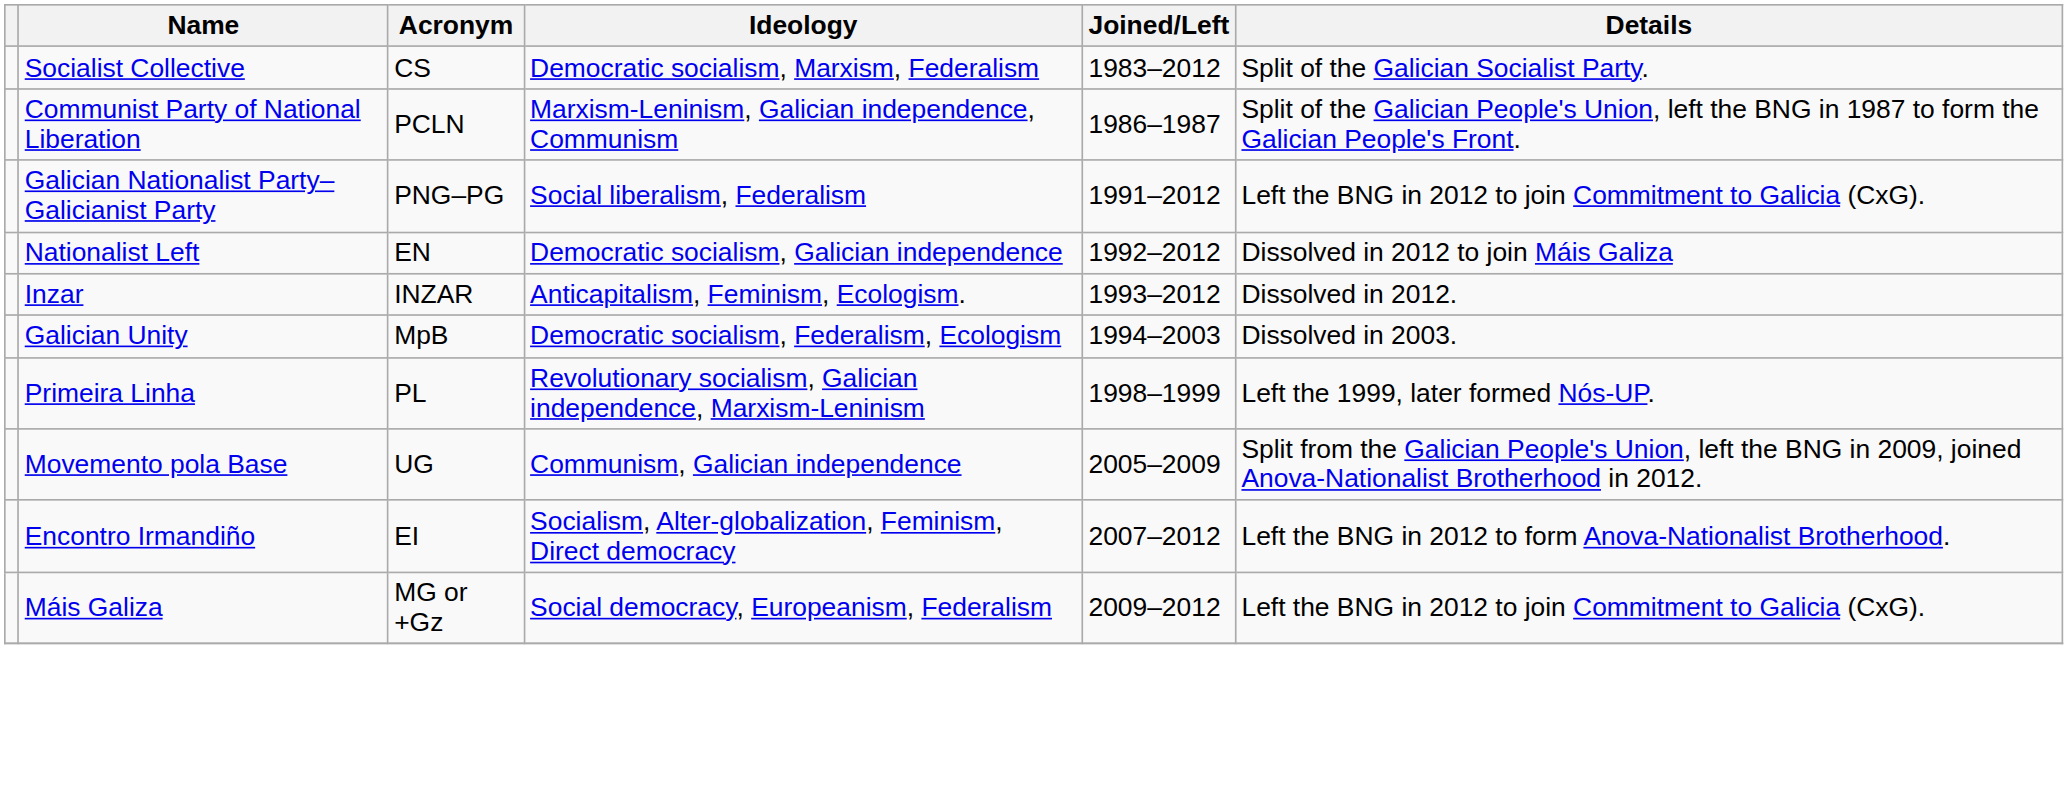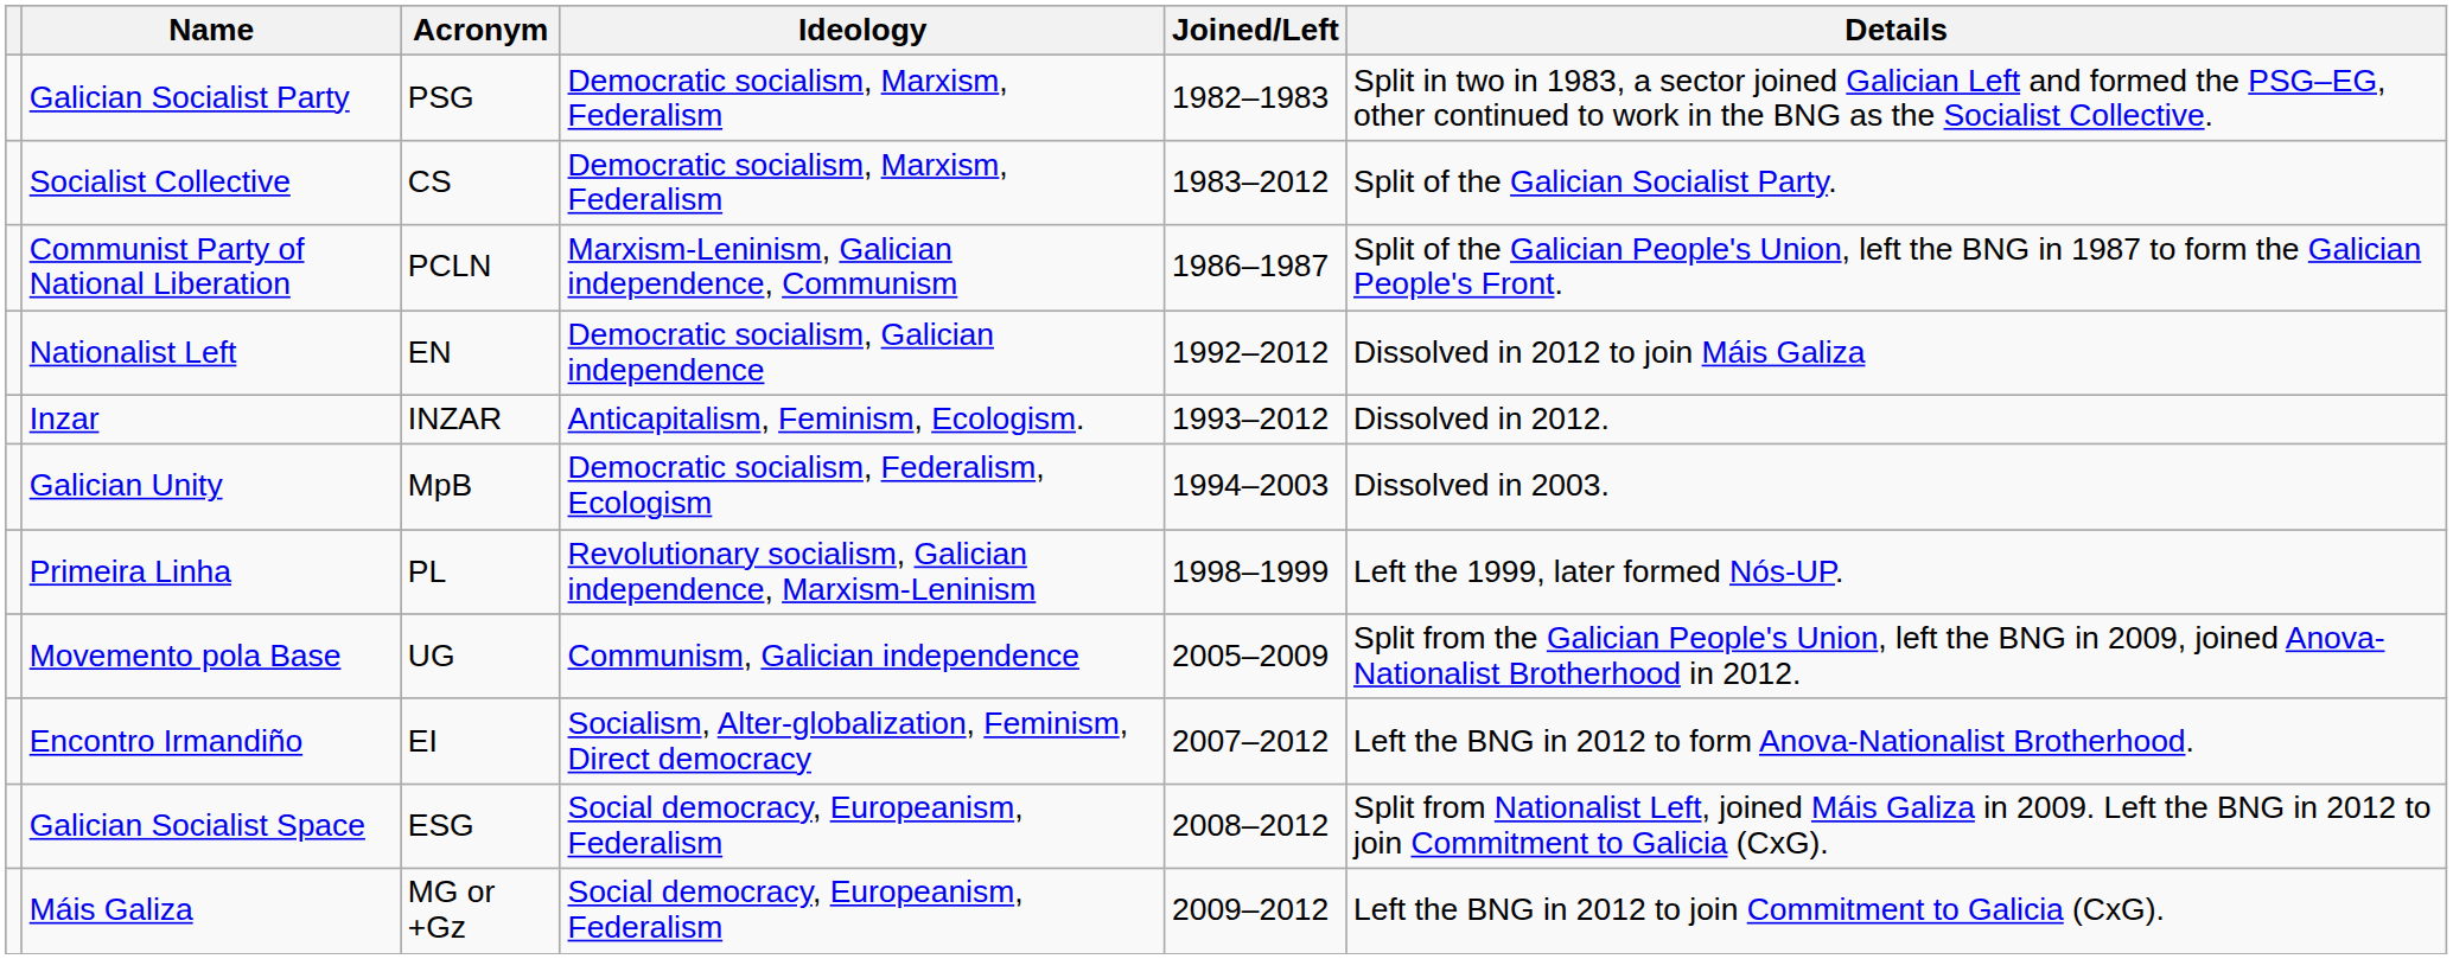 <table class="wikitable sortable">
 <tr>
 <th class="unsortable" width="1px"></th>
 <th>Name</th>
 <th>Acronym</th>
 <th>Ideology</th>
 <th>Joined/Left</th>
 <th>Details</th>
+</tr>
+<tr>
+<td></td>
+<td><a href='#'>Galician Socialist Party</a></td>
+<td>PSG</td>
+<td><a href='#'>Democratic socialism</a>, <a href='#'>Marxism</a>, <a href='#'>Federalism</a></td>
+<td>1982–1983</td>
+<td>Split in two in 1983, a sector joined <a href='#'>Galician Left</a> and formed the <a href='#'>PSG–EG</a>, other continued to work in the BNG as the <a href='#'>Socialist Collective</a>.</td>
 </tr>
 <tr>
 <td></td>
 <td><a href='#'>Socialist Collective</a></td>
 <td>CS</td>
 <td><a href='#'>Democratic socialism</a>, <a href='#'>Marxism</a>, <a href='#'>Federalism</a></td>
 <td>1983–2012</td>
 <td>Split of the <a href='#'>Galician Socialist Party</a>.</td>
 </tr>
 <tr>
 <td></td>
 <td><a href='#'>Communist Party of National Liberation</a></td>
 <td>PCLN</td>
 <td><a href='#'>Marxism-Leninism</a>, <a href='#'>Galician independence</a>, <a href='#'>Communism</a></td>
 <td>1986–1987</td>
 <td>Split of the <a href='#'>Galician People's Union</a>, left the BNG in 1987 to form the <a href='#'>Galician People's Front</a>.</td>
-</tr>
-<tr>
-<td></td>
-<td><a href='#'>Galician Nationalist Party–Galicianist Party</a></td>
-<td>PNG–PG</td>
-<td><a href='#'>Social liberalism</a>, <a href='#'>Federalism</a></td>
-<td>1991–2012</td>
-<td>Left the BNG in 2012 to join <a href='#'>Commitment to Galicia</a> (CxG).</td>
 </tr>
 <tr>
 <td></td>
 <td><a href='#'>Nationalist Left</a></td>
 <td>EN</td>
 <td><a href='#'>Democratic socialism</a>, <a href='#'>Galician independence</a></td>
 <td>1992–2012</td>
 <td>Dissolved in 2012 to join <a href='#'>Máis Galiza</a></td>
 </tr>
 <tr>
 <td></td>
 <td><a href='#'>Inzar</a></td>
 <td>INZAR</td>
 <td><a href='#'>Anticapitalism</a>, <a href='#'>Feminism</a>, <a href='#'>Ecologism</a>.</td>
 <td>1993–2012</td>
 <td>Dissolved in 2012.</td>
 </tr>
 <tr>
 <td></td>
 <td><a href='#'>Galician Unity</a></td>
 <td>MpB</td>
 <td><a href='#'>Democratic socialism</a>, <a href='#'>Federalism</a>, <a href='#'>Ecologism</a></td>
 <td>1994–2003</td>
 <td>Dissolved in 2003.</td>
 </tr>
 <tr>
 <td></td>
 <td><a href='#'>Primeira Linha</a></td>
 <td>PL</td>
 <td><a href='#'>Revolutionary socialism</a>, <a href='#'>Galician independence</a>, <a href='#'>Marxism-Leninism</a></td>
 <td>1998–1999</td>
 <td>Left the 1999, later formed <a href='#'>Nós-UP</a>.</td>
 </tr>
 <tr>
 <td></td>
 <td><a href='#'>Movemento pola Base</a></td>
 <td>UG</td>
 <td><a href='#'>Communism</a>, <a href='#'>Galician independence</a></td>
 <td>2005–2009</td>
 <td>Split from the <a href='#'>Galician People's Union</a>, left the BNG in 2009, joined <a href='#'>Anova-Nationalist Brotherhood</a> in 2012.</td>
 </tr>
 <tr>
 <td></td>
 <td><a href='#'>Encontro Irmandiño</a></td>
 <td>EI</td>
 <td><a href='#'>Socialism</a>, <a href='#'>Alter-globalization</a>, <a href='#'>Feminism</a>, <a href='#'>Direct democracy</a></td>
 <td>2007–2012</td>
 <td>Left the BNG in 2012 to form <a href='#'>Anova-Nationalist Brotherhood</a>.</td>
 </tr>
 <tr>
 <td></td>
+<td><a href='#'>Galician Socialist Space</a></td>
+<td>ESG</td>
+<td><a href='#'>Social democracy</a>, <a href='#'>Europeanism</a>, <a href='#'>Federalism</a></td>
+<td>2008–2012</td>
+<td>Split from <a href='#'>Nationalist Left</a>, joined <a href='#'>Máis Galiza</a> in 2009. Left the BNG in 2012 to join <a href='#'>Commitment to Galicia</a> (CxG).</td>
+</tr>
+<tr>
+<td></td>
 <td><a href='#'>Máis Galiza</a></td>
 <td>MG or +Gz</td>
 <td><a href='#'>Social democracy</a>, <a href='#'>Europeanism</a>, <a href='#'>Federalism</a></td>
 <td>2009–2012</td>
 <td>Left the BNG in 2012 to join <a href='#'>Commitment to Galicia</a> (CxG).</td>
 </tr>
 <tr>
 </tr>
 </table>
